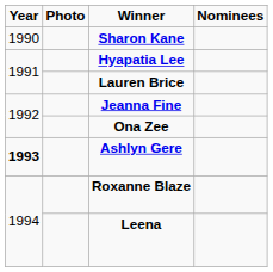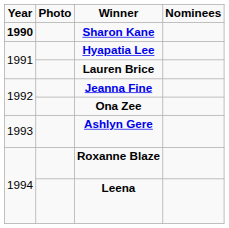 <table class=wikitable>
 <tr>
 <td align=center><strong>Year</strong></td>
 <td align=center><strong>Photo</strong></td>
 <td align=center><strong>Winner<br></strong></td>
 <td align=center><strong>Nominees<br></strong></td>
 </tr>
 <tr>
-<td>1990</td>
+<td><strong>1990</strong></td>
 <td></td>
 <td align=center><strong><a href='#'>Sharon Kane</a></strong><br></td>
 <td></td>
 </tr>
 <tr>
 <td rowspan=2>1991</td>
 <td></td>
 <td align=center><strong><a href='#'>Hyapatia Lee</a></strong> <br></td>
 <td></td>
 </tr>
 <tr>
 <td></td>
 <td align=center><strong>Lauren Brice</strong> <br></td>
 <td></td>
 </tr>
 <tr>
 <td rowspan=2>1992</td>
 <td></td>
 <td align=center><strong><a href='#'>Jeanna Fine</a></strong> <br></td>
 <td></td>
 </tr>
 <tr>
 <td></td>
 <td align=center><strong>Ona Zee</strong> <br></td>
 <td></td>
 </tr>
 <tr>
-<td><strong>1993</strong></td>
+<td>1993</td>
 <td></td>
 <td align=center><strong><a href='#'>Ashlyn Gere</a></strong><br><br></td>
 <td></td>
 </tr>
 <tr>
 <td rowspan=2>1994</td>
 <td></td>
 <td align=center><strong>Roxanne Blaze</strong><br><br></td>
 </tr>
 <tr>
 <td></td>
 <td align=center><strong>Leena</strong><br><br><br></td>
 <td></td>
 </tr>
 </table>
